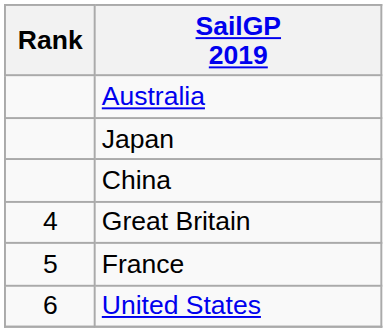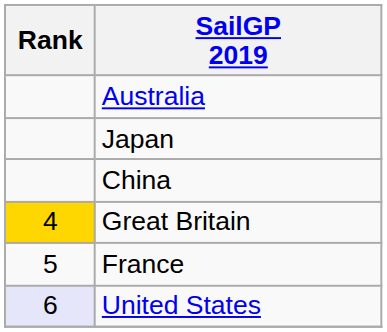 <table class="wikitable sortable" style="font-size:85%; text-align:center;">
 <tr>
 <th width=40>Rank<br></th>
 <th width=140><a href='#'>SailGP<br>2019</a></th>
 </tr>
 <tr>
 <td></td>
 <td style="text-align:left;"> <a href='#'>Australia</a></td>
 </tr>
 <tr>
 <td></td>
 <td style="text-align:left;"> Japan</td>
 </tr>
 <tr>
 <td></td>
 <td style="text-align:left;"> China</td>
 </tr>
 <tr>
-<td>4</td>
+<td style="background: gold;">4</td>
 <td style="text-align:left;"> Great Britain</td>
 </tr>
 <tr>
 <td>5</td>
 <td style="text-align:left;"> France</td>
 </tr>
 <tr>
-<td>6</td>
+<td style="background: lavender;">6</td>
 <td style="text-align:left;"> <a href='#'>United States</a></td>
 </tr>
 <tr>
 </tr>
 </table>
